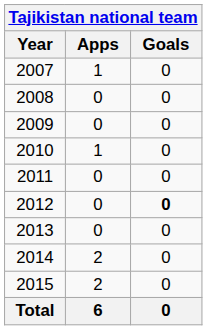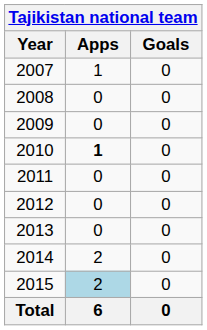 <table class="wikitable" style="text-align:center">
 <tr>
 <th colspan=3><a href='#'>Tajikistan national team</a></th>
 </tr>
 <tr>
 <th>Year</th>
 <th>Apps</th>
 <th>Goals</th>
 </tr>
 <tr>
 <td>2007</td>
 <td>1</td>
 <td>0</td>
 </tr>
 <tr>
 <td>2008</td>
 <td>0</td>
 <td>0</td>
 </tr>
 <tr>
 <td>2009</td>
 <td>0</td>
 <td>0</td>
 </tr>
 <tr>
 <td>2010</td>
-<td>1</td>
+<td><strong>1</strong></td>
 <td>0</td>
 </tr>
 <tr>
 <td>2011</td>
 <td>0</td>
 <td>0</td>
 </tr>
 <tr>
 <td>2012</td>
 <td>0</td>
-<td><strong>0</strong></td>
+<td>0</td>
 </tr>
 <tr>
 <td>2013</td>
 <td>0</td>
 <td>0</td>
 </tr>
 <tr>
 <td>2014</td>
 <td>2</td>
 <td>0</td>
 </tr>
 <tr>
 <td>2015</td>
-<td>2</td>
+<td style="background: lightblue;">2</td>
 <td>0</td>
 </tr>
 <tr>
 <th>Total</th>
 <th>6</th>
 <th>0</th>
 </tr>
 </table>
